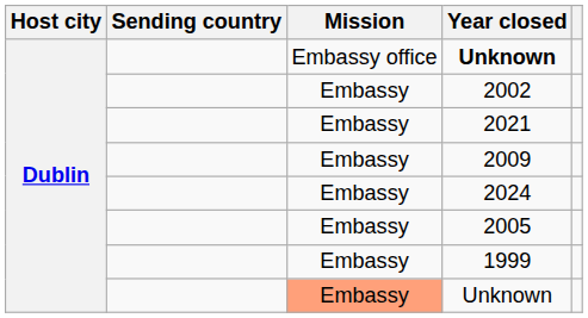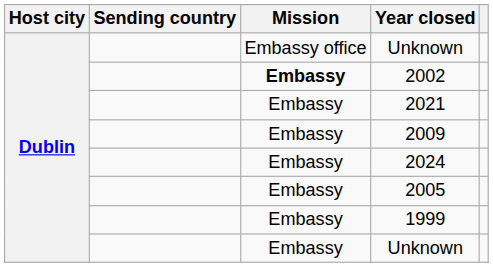 <table class="wikitable plainrowheaders">
 <tr>
 <th scope="col">Host city</th>
 <th scope="col">Sending country</th>
 <th scope="col">Mission</th>
 <th scope="col">Year closed</th>
 <th scope="col"></th>
 </tr>
 <tr>
 <th rowspan="8"><a href='#'>Dublin</a></th>
 <td></td>
 <td style="text-align:center;">Embassy office</td>
-<td style="text-align:center;"><strong>Unknown</strong></td>
+<td style="text-align:center;">Unknown</td>
 <td style="text-align:center;"></td>
 </tr>
 <tr>
 <td></td>
-<td style="text-align:center;">Embassy</td>
+<td style="text-align:center;"><strong>Embassy</strong></td>
 <td style="text-align:center;">2002</td>
 <td style="text-align:center;"></td>
 </tr>
 <tr>
 <td></td>
 <td style="text-align:center;">Embassy</td>
 <td style="text-align:center;">2021</td>
 <td style="text-align:center;"></td>
 </tr>
 <tr>
 <td></td>
 <td style="text-align:center;">Embassy</td>
 <td style="text-align:center;">2009</td>
 <td style="text-align:center;"></td>
 </tr>
 <tr>
 <td></td>
 <td style="text-align:center;">Embassy</td>
 <td style="text-align:center;">2024</td>
 <td style="text-align:center;"></td>
 </tr>
 <tr>
 <td></td>
 <td style="text-align:center;">Embassy</td>
 <td style="text-align:center;">2005</td>
 <td style="text-align:center;"></td>
 </tr>
 <tr>
 <td></td>
 <td style="text-align:center;">Embassy</td>
 <td style="text-align:center;">1999</td>
 <td style="text-align:center;"></td>
 </tr>
 <tr>
 <td></td>
-<td style="background: lightsalmon; text-align:center;">Embassy</td>
+<td style="text-align:center;">Embassy</td>
 <td style="text-align:center;">Unknown</td>
 <td style="text-align:center;"></td>
 </tr>
 </table>
